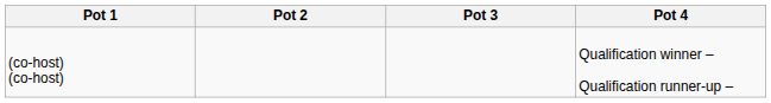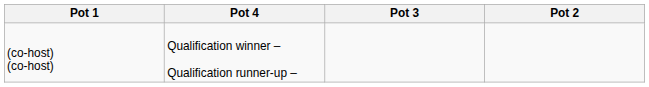 <table class="wikitable" style="width:98%;">
 <tr>
 <th width=25%><strong>Pot 1</strong></th>
+<th width=25%><strong>Pot 4</strong></th>
+<th width=25%><strong>Pot 3</strong></th>
 <th width=25%><strong>Pot 2</strong></th>
-<th width=25%><strong>Pot 3</strong></th>
-<th width=25%><strong>Pot 4</strong></th>
 </tr>
 <tr>
 <td><br> (co-host) <br>  (co-host)</td>
+<td><br>Qualification winner – <br>  <br> Qualification runner-up – <br> </td>
 <td><br> <br> </td>
 <td><br> <br> </td>
-<td><br>Qualification winner – <br>  <br> Qualification runner-up – <br> </td>
 </tr>
 </table>
